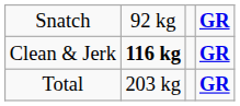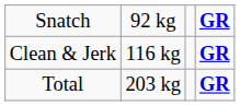 <table class = "wikitable" style="text-align:center;">
 <tr>
 <td>Snatch</td>
 <td>92 kg</td>
 <td align=left></td>
 <td><strong><a href='#'>GR</a></strong></td>
 </tr>
 <tr>
 <td>Clean & Jerk</td>
-<td><strong>116 kg</strong></td>
+<td>116 kg</td>
 <td align=left></td>
 <td><strong><a href='#'>GR</a></strong></td>
 </tr>
 <tr>
 <td>Total</td>
 <td>203 kg</td>
 <td align=left></td>
 <td><strong><a href='#'>GR</a></strong></td>
 </tr>
 </table>
